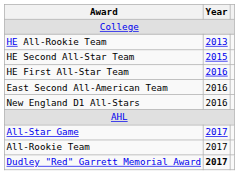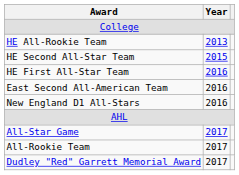 <table class="wikitable">
 <tr>
 <th>Award</th>
 <th>Year</th>
 <th></th>
 </tr>
 <tr ALIGN="center" bgcolor="#e0e0e0">
 <td colspan="3"><a href='#'>College</a></td>
 </tr>
 <tr>
 <td><a href='#'>HE</a> All-Rookie Team</td>
 <td><a href='#'>2013</a></td>
 <td></td>
 </tr>
 <tr>
 <td>HE Second All-Star Team</td>
 <td><a href='#'>2015</a></td>
 <td></td>
 </tr>
 <tr>
 <td>HE First All-Star Team</td>
 <td><a href='#'>2016</a></td>
 <td></td>
 </tr>
 <tr>
 <td>East Second All-American Team</td>
 <td>2016</td>
 <td></td>
 </tr>
 <tr>
 <td>New England D1 All-Stars</td>
 <td>2016</td>
 <td></td>
 </tr>
 <tr ALIGN="center" bgcolor="#e0e0e0">
 <td colspan="3"><a href='#'>AHL</a></td>
 </tr>
 <tr>
 <td><a href='#'>All-Star Game</a></td>
 <td><a href='#'>2017</a></td>
 <td></td>
 </tr>
 <tr>
 <td>All-Rookie Team</td>
 <td>2017</td>
 <td></td>
 </tr>
 <tr>
 <td><a href='#'>Dudley "Red" Garrett Memorial Award</a></td>
-<td><strong>2017</strong></td>
+<td>2017</td>
 <td></td>
 </tr>
 </table>
